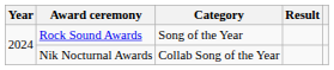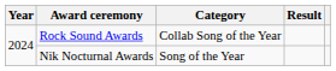 <table class="wikitable sortable plainrowheaders">
 <tr>
 <th scope="col">Year</th>
 <th scope="col">Award ceremony</th>
 <th scope="col">Category</th>
 <th scope="col">Result</th>
 <th scope="col" class="unsortable"></th>
 </tr>
 <tr>
 <td rowspan="2">2024</td>
 <td><a href='#'>Rock Sound Awards</a></td>
-<td>Song of the Year</td>
+<td>Collab Song of the Year</td>
 <td></td>
 <td></td>
 </tr>
 <tr>
 <td>Nik Nocturnal Awards</td>
-<td>Collab Song of the Year</td>
+<td>Song of the Year</td>
 <td></td>
 <td></td>
 </tr>
 </table>
